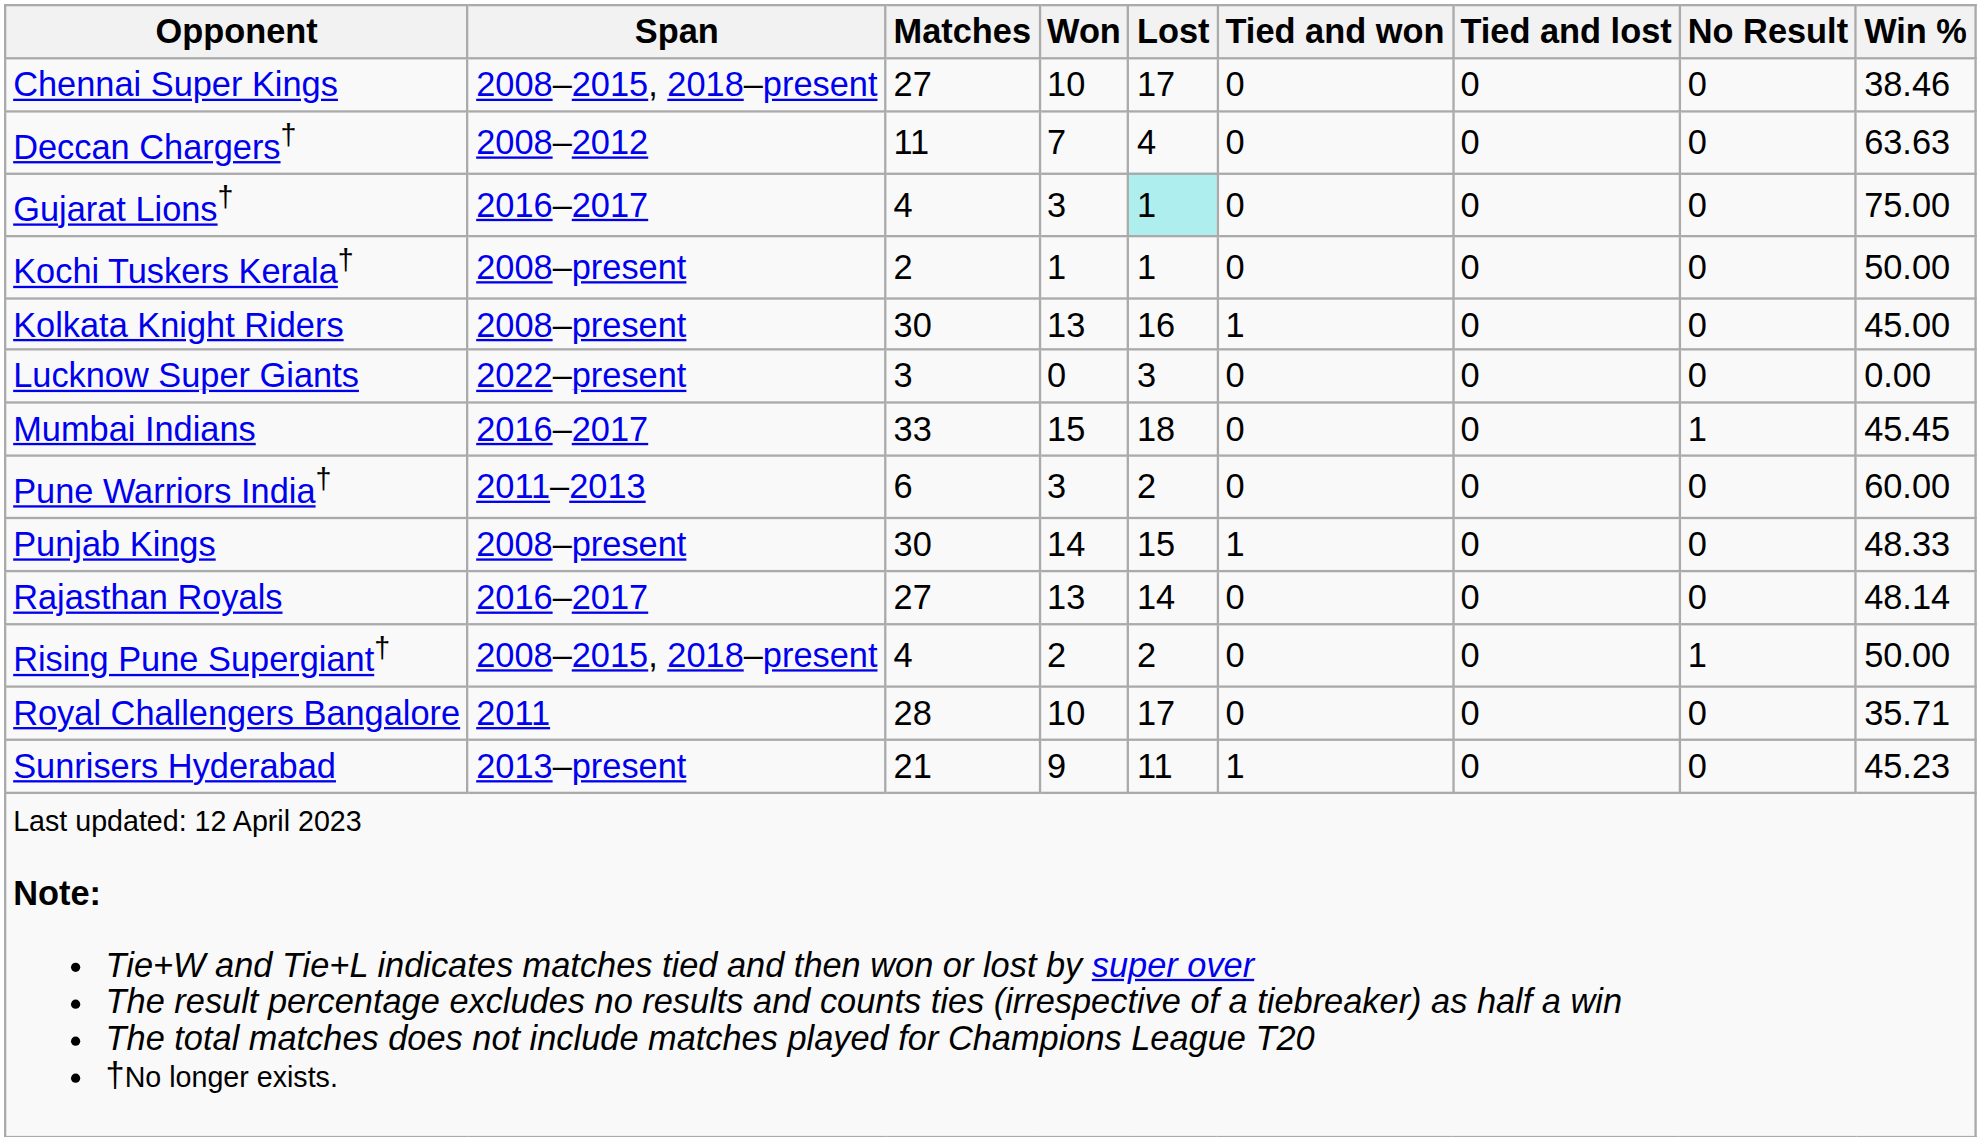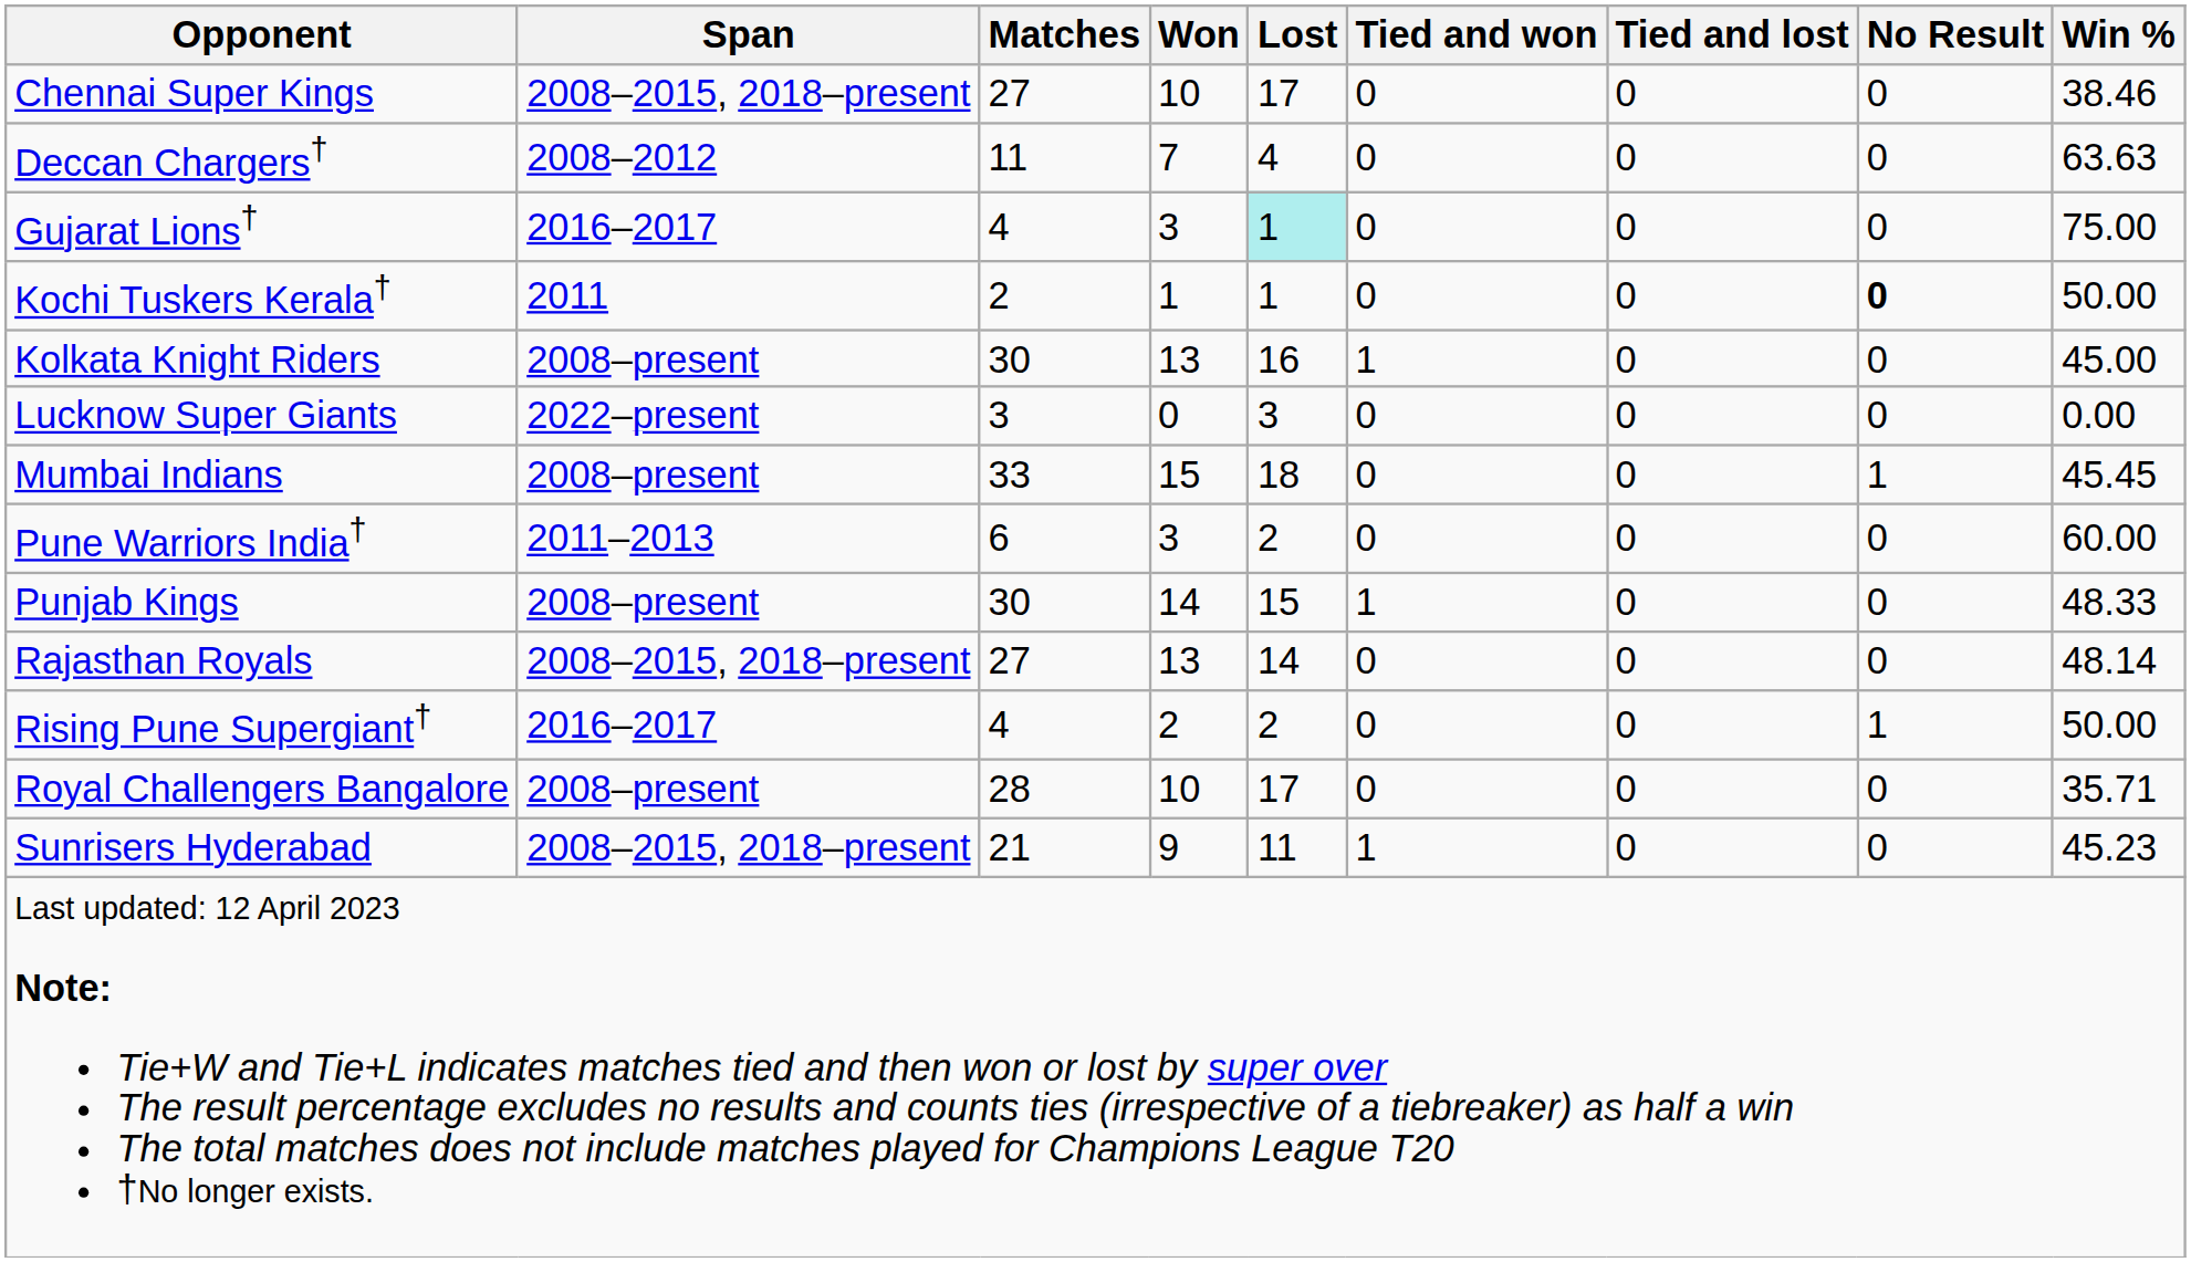 <table class="wikitable" style="text-align:left;font-size:93%;">
 <tr>
 <th>Opponent</th>
 <th>Span</th>
 <th>Matches</th>
 <th>Won</th>
 <th>Lost</th>
 <th>Tied and won</th>
 <th>Tied and lost</th>
 <th>No Result</th>
 <th>Win %</th>
 </tr>
 <tr>
 <td style="text-align:left"><a href='#'>Chennai Super Kings</a></td>
 <td><a href='#'>2008</a>–<a href='#'>2015</a>, <a href='#'>2018</a>–<a href='#'>present</a></td>
 <td>27</td>
 <td>10</td>
 <td>17</td>
 <td>0</td>
 <td>0</td>
 <td>0</td>
 <td>38.46</td>
 </tr>
 <tr>
 <td style="text-align:left"><a href='#'>Deccan Chargers</a><sup>†</sup></td>
 <td><a href='#'>2008</a>–<a href='#'>2012</a></td>
 <td>11</td>
 <td>7</td>
 <td>4</td>
 <td>0</td>
 <td>0</td>
 <td>0</td>
 <td>63.63</td>
 </tr>
 <tr>
 <td style="text-align:left"><a href='#'>Gujarat Lions</a><sup>†</sup></td>
 <td><a href='#'>2016</a>–<a href='#'>2017</a></td>
 <td>4</td>
 <td>3</td>
 <td style="background: paleturquoise;">1</td>
 <td>0</td>
 <td>0</td>
 <td>0</td>
 <td>75.00</td>
 </tr>
 <tr>
 <td style="text-align:left"><a href='#'>Kochi Tuskers Kerala</a><sup>†</sup></td>
-<td><a href='#'>2008</a>–<a href='#'>present</a></td>
+<td><a href='#'>2011</a></td>
 <td>2</td>
 <td>1</td>
 <td>1</td>
 <td>0</td>
 <td>0</td>
-<td>0</td>
+<td><strong>0</strong></td>
 <td>50.00</td>
 </tr>
 <tr>
 <td style="text-align:left"><a href='#'>Kolkata Knight Riders</a></td>
 <td><a href='#'>2008</a>–<a href='#'>present</a></td>
 <td>30</td>
 <td>13</td>
 <td>16</td>
 <td>1</td>
 <td>0</td>
 <td>0</td>
 <td>45.00</td>
 </tr>
 <tr>
 <td style="text-align:left"><a href='#'>Lucknow Super Giants</a></td>
 <td><a href='#'>2022</a>–<a href='#'>present</a></td>
 <td>3</td>
 <td>0</td>
 <td>3</td>
 <td>0</td>
 <td>0</td>
 <td>0</td>
 <td>0.00</td>
 </tr>
 <tr>
 <td style="text-align:left"><a href='#'>Mumbai Indians</a></td>
-<td><a href='#'>2016</a>–<a href='#'>2017</a></td>
+<td><a href='#'>2008</a>–<a href='#'>present</a></td>
 <td>33</td>
 <td>15</td>
 <td>18</td>
 <td>0</td>
 <td>0</td>
 <td>1</td>
 <td>45.45</td>
 </tr>
 <tr>
 <td style="text-align:left"><a href='#'>Pune Warriors India</a><sup>†</sup></td>
 <td><a href='#'>2011</a>–<a href='#'>2013</a></td>
 <td>6</td>
 <td>3</td>
 <td>2</td>
 <td>0</td>
 <td>0</td>
 <td>0</td>
 <td>60.00</td>
 </tr>
 <tr>
 <td style="text-align:left"><a href='#'>Punjab Kings</a></td>
 <td><a href='#'>2008</a>–<a href='#'>present</a></td>
 <td>30</td>
 <td>14</td>
 <td>15</td>
 <td>1</td>
 <td>0</td>
 <td>0</td>
 <td>48.33</td>
 </tr>
 <tr>
 <td style="text-align:left"><a href='#'>Rajasthan Royals</a></td>
-<td><a href='#'>2016</a>–<a href='#'>2017</a></td>
+<td><a href='#'>2008</a>–<a href='#'>2015</a>, <a href='#'>2018</a>–<a href='#'>present</a></td>
 <td>27</td>
 <td>13</td>
 <td>14</td>
 <td>0</td>
 <td>0</td>
 <td>0</td>
 <td>48.14</td>
 </tr>
 <tr>
 <td style="text-align:left"><a href='#'>Rising Pune Supergiant</a><sup>†</sup></td>
-<td><a href='#'>2008</a>–<a href='#'>2015</a>, <a href='#'>2018</a>–<a href='#'>present</a></td>
+<td><a href='#'>2016</a>–<a href='#'>2017</a></td>
 <td>4</td>
 <td>2</td>
 <td>2</td>
 <td>0</td>
 <td>0</td>
 <td>1</td>
 <td>50.00</td>
 </tr>
 <tr>
 <td style="text-align:left"><a href='#'>Royal Challengers Bangalore</a></td>
-<td><a href='#'>2011</a></td>
+<td><a href='#'>2008</a>–<a href='#'>present</a></td>
 <td>28</td>
 <td>10</td>
 <td>17</td>
 <td>0</td>
 <td>0</td>
 <td>0</td>
 <td>35.71</td>
 </tr>
 <tr>
 <td><a href='#'>Sunrisers Hyderabad</a></td>
-<td><a href='#'>2013</a>–<a href='#'>present</a></td>
+<td><a href='#'>2008</a>–<a href='#'>2015</a>, <a href='#'>2018</a>–<a href='#'>present</a></td>
 <td>21</td>
 <td>9</td>
 <td>11</td>
 <td>1</td>
 <td>0</td>
 <td>0</td>
 <td>45.23</td>
 </tr>
 <tr class=sortbottom>
 <td colspan=10><small>Last updated: 12 April 2023</small><br><br><strong>Note:</strong><ul><li><em>Tie+W and Tie+L indicates matches tied and then won or lost by <a href='#'>super over</a></em></li><li><em>The result percentage excludes no results and counts ties (irrespective of a tiebreaker) as half a win</em></li><li><em>The total matches does not include matches played for Champions League T20</em></li><li>†<small>No longer exists.</small></li></ul></td>
 </tr>
 </table>
